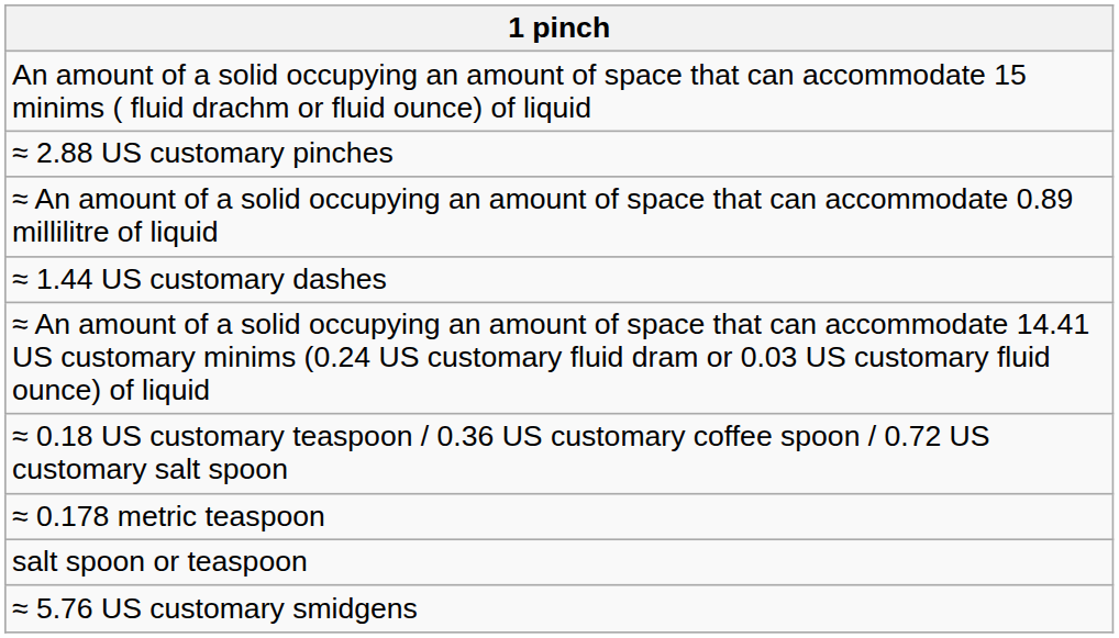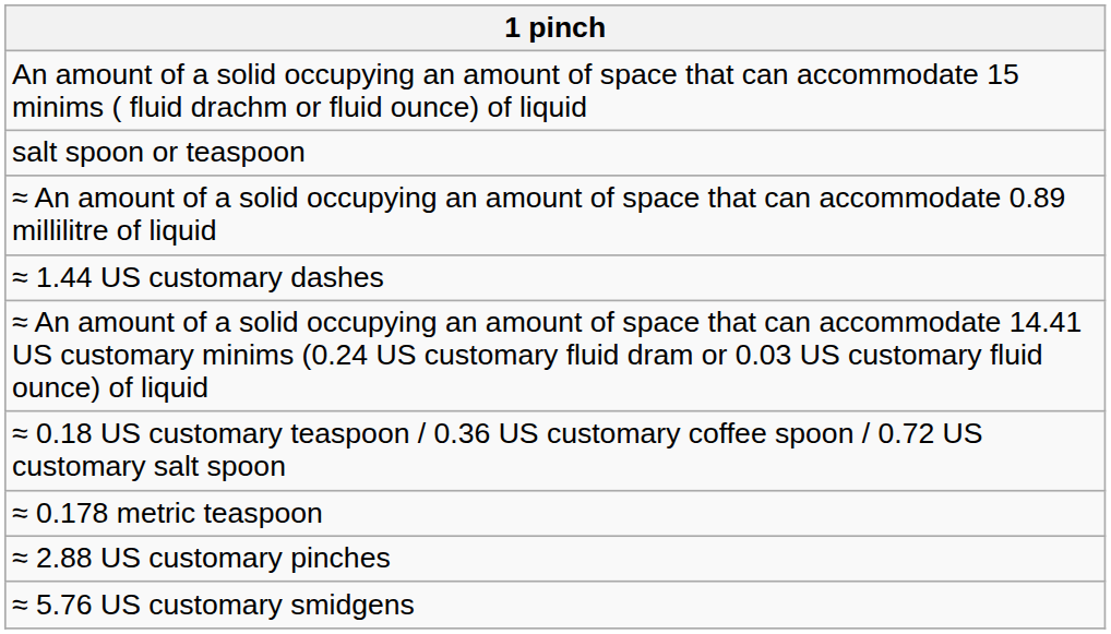 <table class="wikitable">
 <tr>
 <th>1 pinch</th>
 </tr>
 <tr>
 <td>An amount of a solid occupying an amount of space that can accommodate 15 minims ( fluid drachm or  fluid ounce) of liquid</td>
 </tr>
 <tr>
-<td>≈ 2.88 US customary pinches</td>
+<td> salt spoon or  teaspoon</td>
 </tr>
 <tr>
 <td>≈ An amount of a solid occupying an amount of space that can accommodate 0.89 millilitre of liquid</td>
 </tr>
 <tr>
 <td>≈ 1.44 US customary dashes</td>
 </tr>
 <tr>
 <td>≈ An amount of a solid occupying an amount of space that can accommodate 14.41 US customary minims (0.24 US customary fluid dram or 0.03 US customary fluid ounce) of liquid</td>
 </tr>
 <tr>
 <td>≈ 0.18 US customary teaspoon / 0.36 US customary coffee spoon / 0.72 US customary salt spoon</td>
 </tr>
 <tr>
 <td>≈ 0.178 metric teaspoon</td>
 </tr>
 <tr>
-<td> salt spoon or  teaspoon</td>
+<td>≈ 2.88 US customary pinches</td>
 </tr>
 <tr>
 <td>≈ 5.76 US customary smidgens</td>
 </tr>
 </table>
